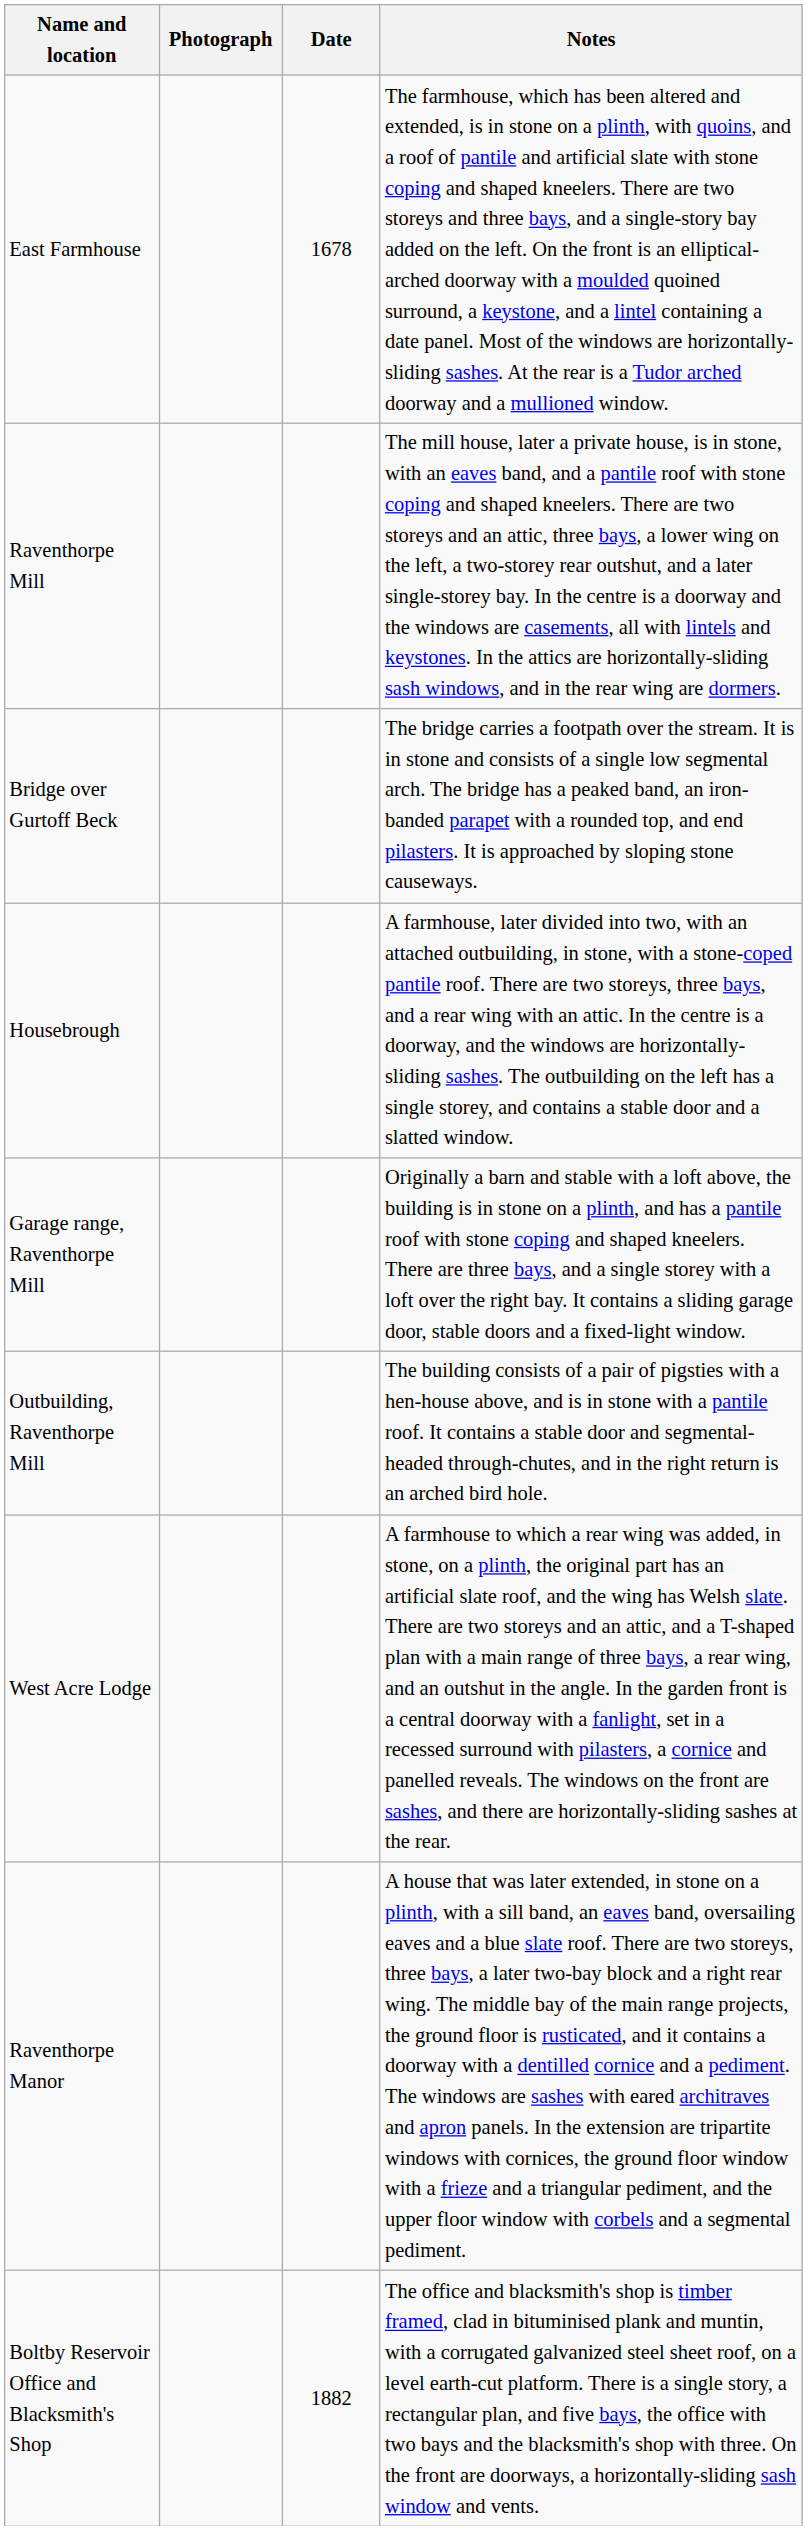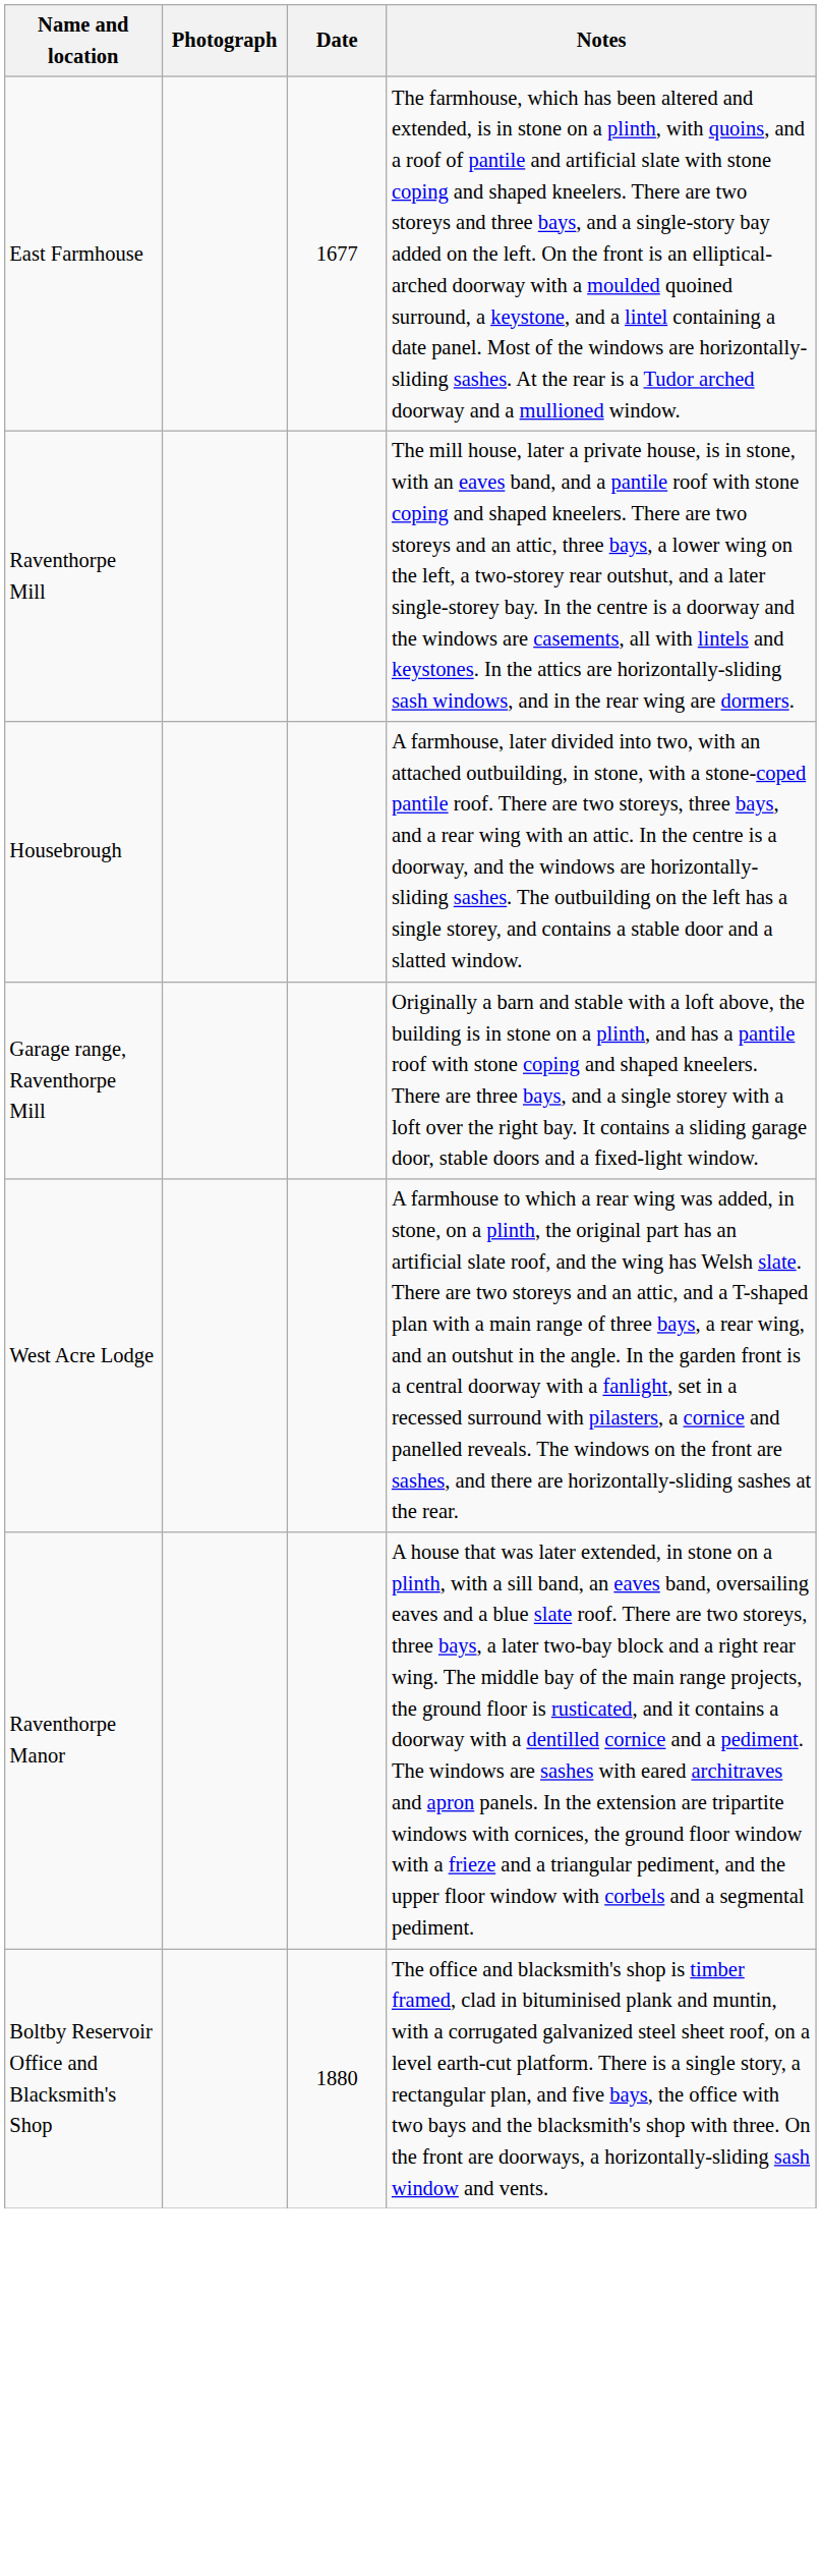 <table class="wikitable sortable plainrowheaders" style="width:100%;border:0px;text-align:left;line-height:150%;">
 <tr>
 <th scope="col"  style="width:150px">Name and location</th>
 <th scope="col"  style="width:100px" class="unsortable">Photograph</th>
 <th scope="col"  style="width:120px">Date</th>
 <th scope="col"  style="width:650px" class="unsortable">Notes</th>
 </tr>
 <tr>
 <td>East Farmhouse<br><small></small></td>
 <td></td>
-<td align="center">1678</td>
+<td align="center">1677</td>
 <td>The farmhouse, which has been altered and extended, is in stone on a <a href='#'>plinth</a>, with <a href='#'>quoins</a>, and a roof of <a href='#'>pantile</a> and artificial slate with stone <a href='#'>coping</a> and shaped kneelers.  There are two storeys and three <a href='#'>bays</a>, and a single-story bay added on the left.  On the front is an elliptical-arched doorway with a <a href='#'>moulded</a> quoined surround, a <a href='#'>keystone</a>, and a <a href='#'>lintel</a> containing a date panel.  Most of the windows are horizontally-sliding <a href='#'>sashes</a>.  At the rear is a <a href='#'>Tudor arched</a> doorway and a <a href='#'>mullioned</a> window.</td>
 </tr>
 <tr>
 <td>Raventhorpe Mill<br><small></small></td>
 <td></td>
 <td align="center"></td>
 <td>The mill house, later a private house, is in stone, with an <a href='#'>eaves</a> band, and a <a href='#'>pantile</a> roof with stone <a href='#'>coping</a> and shaped kneelers.  There are two storeys and an attic, three <a href='#'>bays</a>, a lower wing on the left, a two-storey rear outshut, and a later single-storey bay.  In the centre is a doorway and the windows are <a href='#'>casements</a>, all with <a href='#'>lintels</a> and <a href='#'>keystones</a>.  In the attics are horizontally-sliding <a href='#'>sash windows</a>, and in the rear wing are <a href='#'>dormers</a>.</td>
-</tr>
-<tr>
-<td>Bridge over Gurtoff Beck<br><small></small></td>
-<td></td>
-<td align="center"></td>
-<td>The bridge carries a footpath over the stream.  It is in stone and consists of a single low segmental arch.  The bridge has a peaked band, an iron-banded <a href='#'>parapet</a> with a rounded top, and end <a href='#'>pilasters</a>.  It is approached by sloping stone causeways.</td>
 </tr>
 <tr>
 <td>Housebrough<br><small></small></td>
 <td></td>
 <td align="center"></td>
 <td>A farmhouse, later divided into two, with an attached outbuilding, in stone, with a stone-<a href='#'>coped</a> <a href='#'>pantile</a> roof.  There are two storeys, three <a href='#'>bays</a>, and a rear wing with an attic.  In the centre is a doorway, and the windows are horizontally-sliding <a href='#'>sashes</a>.  The outbuilding on the left has a single storey, and contains a stable door and a slatted window.</td>
 </tr>
 <tr>
 <td>Garage range, Raventhorpe Mill<br><small></small></td>
 <td></td>
 <td align="center"></td>
 <td>Originally a barn and stable with a loft above, the building is in stone on a <a href='#'>plinth</a>, and has a <a href='#'>pantile</a> roof with stone <a href='#'>coping</a> and shaped kneelers.  There are three <a href='#'>bays</a>, and a single storey with a loft over the right bay.  It contains a sliding garage door, stable doors and a fixed-light window.</td>
-</tr>
-<tr>
-<td>Outbuilding, Raventhorpe Mill<br><small></small></td>
-<td></td>
-<td align="center"></td>
-<td>The building consists of a pair of pigsties with a hen-house above, and is in stone with a <a href='#'>pantile</a> roof.  It contains a stable door and segmental-headed through-chutes, and in the right return is an arched bird hole.</td>
 </tr>
 <tr>
 <td>West Acre Lodge<br><small></small></td>
 <td></td>
 <td align="center"></td>
 <td>A farmhouse to which a rear wing was added, in stone, on a <a href='#'>plinth</a>, the original part has an artificial slate roof, and the wing has Welsh <a href='#'>slate</a>.  There are two storeys and an attic, and a T-shaped plan with a main range of three <a href='#'>bays</a>, a rear wing, and an outshut in the angle.  In the garden front is a central doorway with a <a href='#'>fanlight</a>, set in a recessed surround with <a href='#'>pilasters</a>, a <a href='#'>cornice</a> and panelled reveals.  The windows on the front are <a href='#'>sashes</a>, and there are horizontally-sliding sashes at the rear.</td>
 </tr>
 <tr [>
 <td>Raventhorpe Manor<br><small></small></td>
 <td></td>
 <td align="center"></td>
 <td>A house that was later extended, in stone on a <a href='#'>plinth</a>, with a sill band, an <a href='#'>eaves</a> band, oversailing eaves and a blue <a href='#'>slate</a> roof.  There are two storeys, three <a href='#'>bays</a>, a later two-bay block and a right rear wing.  The middle bay of the main range projects, the ground floor is <a href='#'>rusticated</a>, and it contains a doorway with a <a href='#'>dentilled</a> <a href='#'>cornice</a> and a <a href='#'>pediment</a>.  The windows are <a href='#'>sashes</a> with eared <a href='#'>architraves</a> and <a href='#'>apron</a> panels.  In the extension are tripartite windows with cornices, the ground floor window with a <a href='#'>frieze</a> and a triangular pediment, and the upper floor window with <a href='#'>corbels</a> and a segmental pediment.</td>
 </tr>
 <tr>
 <td>Boltby Reservoir Office and Blacksmith's Shop<br><small></small></td>
 <td></td>
-<td align="center">1882</td>
+<td align="center">1880</td>
 <td>The office and blacksmith's shop is <a href='#'>timber framed</a>, clad in bituminised plank and muntin, with a corrugated galvanized steel sheet roof, on a level earth-cut platform.  There is a single story, a rectangular plan, and five <a href='#'>bays</a>, the office with two bays and the blacksmith's shop with three.  On the front are doorways, a horizontally-sliding <a href='#'>sash window</a> and vents.</td>
 </tr>
 <tr>
 </tr>
 </table>
